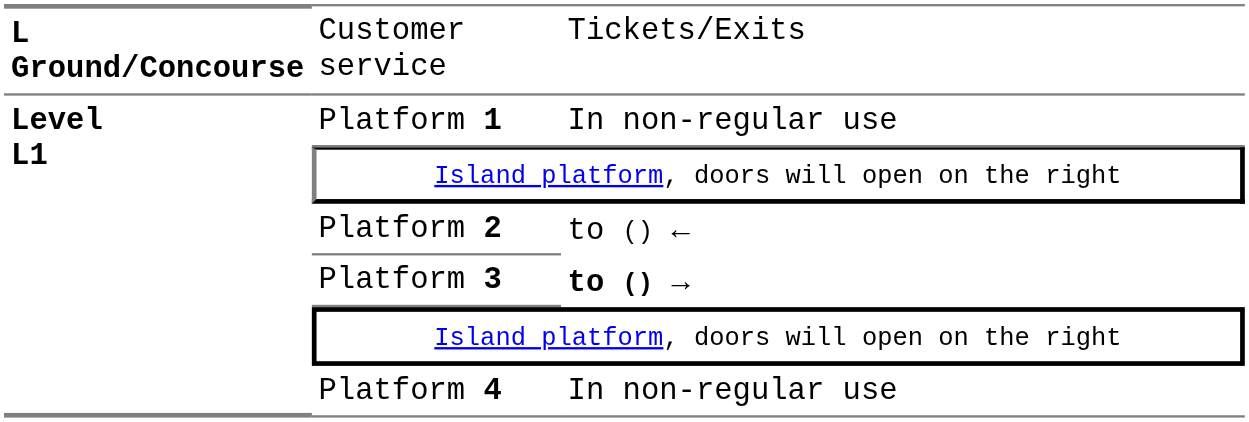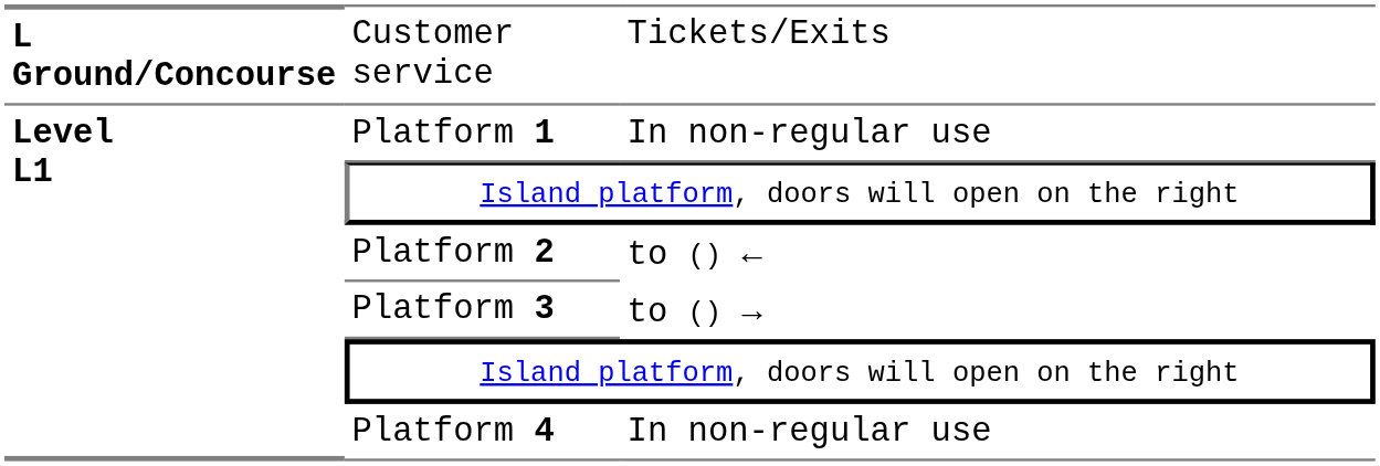 <table border=0 cellspacing=0 cellpadding=3>
 <tr>
 <td style="border-bottom:solid 1px gray;border-top:solid 2px gray;" width=50 valign=top><strong>L<br>Ground/Concourse</strong></td>
 <td style="border-top:solid 1px gray;border-bottom:solid 1px gray;" width=100 valign=top>Customer service</td>
 <td style="border-top:solid 1px gray;border-bottom:solid 1px gray;" width=285 valign=top>Tickets/Exits</td>
 </tr>
 <tr>
 <td style="border-bottom:solid 2px gray;" rowspan=10 valign=top><strong>Level<br>L1</strong></td>
 </tr>
 <tr>
 <td style="border-bottom:solid 1px gray;">Platform <strong>1</strong></td>
 <td style="border-bottom:solid 1px gray;">In non-regular use</td>
 </tr>
 <tr>
 <td style="border-bottom:solid 2px black;border-top:solid 1px black;border-right:solid 2px black;border-left:solid 2px grey;text-align:center;" colspan=2><small><a href='#'>Island platform</a>, doors will open on the right</small></td>
 </tr>
 <tr>
 <td style="border-bottom:solid 1px gray;">Platform <strong>2</strong></td>
 <td> to  <small>()</small> ←</td>
 </tr>
 <tr>
 <td style="border-bottom:solid 1px gray;">Platform <strong>3</strong></td>
-<td><strong> to  <small>()</small> →</strong></td>
+<td> to  <small>()</small> →</td>
 </tr>
 <tr>
 <td style="border-right:solid 2px black;border-left:solid 2px black;border-top:solid 2px black;border-bottom:solid 2px black;text-align:center;" colspan=2><small><a href='#'>Island platform</a>, doors will open on the right</small></td>
 </tr>
 <tr>
 <td style="border-bottom:solid 1px gray;">Platform <strong>4</strong></td>
 <td style="border-bottom:solid 1px gray;">In non-regular use</td>
 </tr>
 </table>
